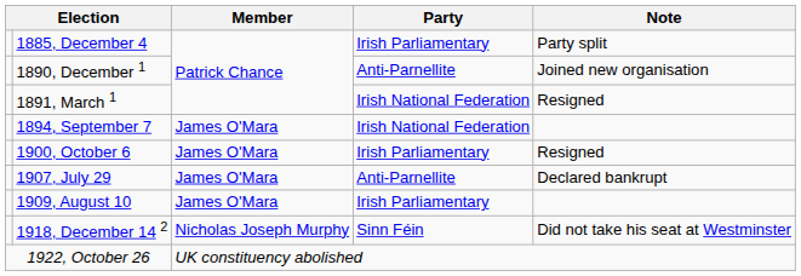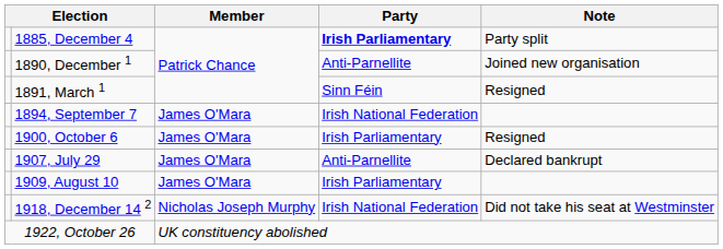 <table class="wikitable">
 <tr>
 <th colspan="2">Election</th>
 <th>Member</th>
 <th>Party</th>
 <th>Note</th>
 </tr>
 <tr>
 <td style="color:inherit;background-color: "></td>
 <td><a href='#'>1885, December 4</a></td>
 <td rowspan="3"><a href='#'>Patrick Chance</a></td>
-<td><a href='#'>Irish Parliamentary</a></td>
+<td><strong><a href='#'>Irish Parliamentary</a></strong></td>
 <td>Party split</td>
 </tr>
 <tr>
 <td style="color:inherit;background-color: "></td>
 <td>1890, December <sup>1</sup></td>
 <td><a href='#'>Anti-Parnellite</a></td>
 <td>Joined new organisation</td>
 </tr>
 <tr>
 <td style="color:inherit;background-color: "></td>
 <td>1891, March <sup>1</sup></td>
-<td><a href='#'>Irish National Federation</a></td>
+<td><a href='#'>Sinn Féin</a></td>
 <td>Resigned</td>
 </tr>
 <tr>
 <td style="color:inherit;background-color: "></td>
 <td><a href='#'>1894, September 7</a></td>
 <td><a href='#'>James O'Mara</a></td>
 <td><a href='#'>Irish National Federation</a></td>
 <td></td>
 </tr>
 <tr>
 <td style="color:inherit;background-color: "></td>
 <td><a href='#'>1900, October 6</a></td>
 <td><a href='#'>James O'Mara</a></td>
 <td><a href='#'>Irish Parliamentary</a></td>
 <td>Resigned</td>
 </tr>
 <tr>
 <td style="color:inherit;background-color: "></td>
 <td><a href='#'>1907, July 29</a></td>
 <td><a href='#'>James O'Mara</a></td>
 <td><a href='#'>Anti-Parnellite</a></td>
 <td>Declared bankrupt</td>
 </tr>
 <tr>
 <td style="color:inherit;background-color: "></td>
 <td><a href='#'>1909, August 10</a></td>
 <td><a href='#'>James O'Mara</a></td>
 <td><a href='#'>Irish Parliamentary</a></td>
 <td></td>
 </tr>
 <tr>
 <td style="color:inherit;background-color: "></td>
 <td><a href='#'>1918, December 14</a> <sup>2</sup></td>
 <td><a href='#'>Nicholas Joseph Murphy</a></td>
-<td><a href='#'>Sinn Féin</a></td>
+<td><a href='#'>Irish National Federation</a></td>
 <td>Did not take his seat at <a href='#'>Westminster</a></td>
 </tr>
 <tr>
 <td colspan="2" align="center"><em>1922, October 26</em></td>
 <td colspan="3"><em>UK constituency abolished</em></td>
 </tr>
 </table>
